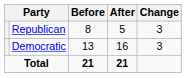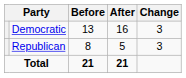 <table class="wikitable" style="text-align:center;">
 <tr>
 <th colspan="2">Party</th>
 <th>Before</th>
 <th>After</th>
 <th>Change</th>
 </tr>
 <tr>
 <th style="background-color:"></th>
-<td style="text-align:left;"><a href='#'>Republican</a></td>
-<td>8</td>
-<td>5</td>
+<td style="text-align:left;"><a href='#'>Democratic</a></td>
+<td>13</td>
+<td>16</td>
 <td> 3</td>
 </tr>
 <tr>
 <th style="background-color:"></th>
-<td style="text-align:left;"><a href='#'>Democratic</a></td>
-<td>13</td>
-<td>16</td>
+<td style="text-align:left;"><a href='#'>Republican</a></td>
+<td>8</td>
+<td>5</td>
 <td> 3</td>
 </tr>
 <tr>
 <td colspan="2"><strong>Total</strong></td>
 <td><strong>21</strong></td>
 <td><strong>21</strong></td>
 <td></td>
 </tr>
 </table>
